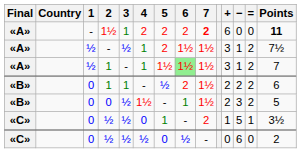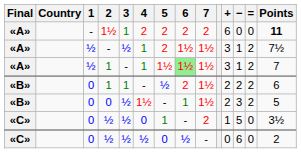 <table class="wikitable" style="text-align:center">
 <tr>
 <th>Final</th>
 <th>Country</th>
 <th>1</th>
 <th>2</th>
 <th>3</th>
 <th>4</th>
 <th>5</th>
 <th>6</th>
 <th>7</th>
 <th></th>
 <th>+</th>
 <th>−</th>
 <th>=</th>
 <th>Points</th>
 </tr>
 <tr>
 <th>«A»</th>
 <td style="text-align: left"></td>
 <td>-</td>
 <td style="color:red;">1½</td>
 <td style="color:green;">1</td>
 <td style="color:red;">2</td>
 <td style="color:red;">2</td>
 <td style="color:red;">2</td>
-<td style="color:red;"><strong>2</strong></td>
+<td style="color:red;">2</td>
 <th></th>
 <td>6</td>
 <td>0</td>
 <td>0</td>
 <td><strong>11</strong></td>
 </tr>
 <tr>
 <th>«A»</th>
 <td style="text-align: left"></td>
 <td style="color:blue;">½</td>
 <td>-</td>
 <td style="color:blue;">½</td>
 <td style="color:green;">1</td>
 <td style="color:red;">2</td>
 <td style="color:red;">1½</td>
 <td style="color:red;">1½</td>
 <th></th>
 <td>3</td>
 <td>1</td>
 <td>2</td>
 <td>7½</td>
 </tr>
 <tr>
 <th>«A»</th>
 <td style="text-align: left"></td>
 <td style="color:blue;">½</td>
 <td style="color:green;">1</td>
 <td>-</td>
 <td style="color:green;">1</td>
 <td style="color:red;">1½</td>
 <td style="background: lightgreen; color:red;">1½</td>
 <td style="color:red;">1½</td>
 <th></th>
 <td>3</td>
 <td>1</td>
 <td>2</td>
 <td>7</td>
 </tr>
 <tr style="border-top:2px solid grey;">
 <th>«B»</th>
 <td style="text-align: left"></td>
 <td style="color:blue;">0</td>
 <td style="color:green;">1</td>
 <td style="color:green;">1</td>
 <td>-</td>
 <td style="color:blue;">½</td>
 <td style="color:red;">2</td>
 <td style="color:red;">1½</td>
 <th></th>
 <td>2</td>
 <td>2</td>
 <td>2</td>
 <td>6</td>
 </tr>
 <tr>
 <th>«B»</th>
 <td style="text-align: left"></td>
 <td style="color:blue;">0</td>
 <td style="color:blue;">0</td>
 <td style="color:blue;">½</td>
 <td style="color:red;">1½</td>
 <td>-</td>
 <td style="color:green;">1</td>
 <td style="color:red;">1½</td>
 <th></th>
 <td>2</td>
 <td>3</td>
 <td>2</td>
 <td>5</td>
 </tr>
 <tr>
 <th>«C»</th>
 <td style="text-align: left"></td>
 <td style="color:blue;">0</td>
 <td style="color:blue;">½</td>
 <td style="color:blue;">½</td>
 <td style="color:blue;">0</td>
 <td style="color:green;">1</td>
 <td>-</td>
 <td style="color:red;">2</td>
 <th></th>
 <td>1</td>
 <td>5</td>
-<td>1</td>
+<td>0</td>
 <td>3½</td>
 </tr>
 <tr style="border-top:2px solid grey;">
 <th>«C»</th>
 <td style="text-align: left"></td>
 <td style="color:blue;">0</td>
 <td style="color:blue;">½</td>
 <td style="color:blue;">½</td>
 <td style="color:blue;">½</td>
 <td style="color:blue;">0</td>
 <td style="color:blue;">½</td>
 <td>-</td>
 <th></th>
 <td>0</td>
 <td>6</td>
 <td>0</td>
 <td>2</td>
 </tr>
 </table>
